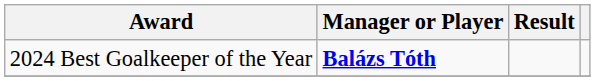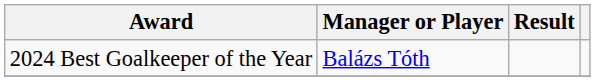 <table class="wikitable" style="text-align:center;">
 <tr>
 <th>Award</th>
 <th>Manager or Player</th>
 <th>Result</th>
 <th></th>
 </tr>
 <tr>
 <td rowspan="1" style="text-align:left;">2024 Best Goalkeeper of the Year</td>
-<td style="text-align:left;"><strong> <a href='#'>Balázs Tóth</a></strong></td>
+<td style="text-align:left;"> <a href='#'>Balázs Tóth</a></td>
 <td></td>
 <td rowspan="1"></td>
 </tr>
 <tr>
 </tr>
 </table>
